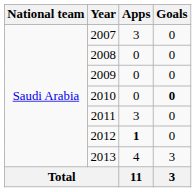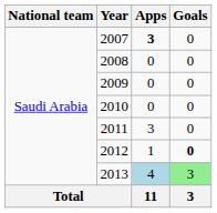 <table class="wikitable" style="text-align:center">
 <tr>
 <th>National team</th>
 <th>Year</th>
 <th>Apps</th>
 <th>Goals</th>
 </tr>
 <tr>
 <td rowspan="7"><a href='#'>Saudi Arabia</a></td>
 <td>2007</td>
-<td>3</td>
+<td><strong>3</strong></td>
 <td>0</td>
 </tr>
 <tr>
 <td>2008</td>
 <td>0</td>
 <td>0</td>
 </tr>
 <tr>
 <td>2009</td>
 <td>0</td>
 <td>0</td>
 </tr>
 <tr>
 <td>2010</td>
 <td>0</td>
-<td><strong>0</strong></td>
+<td>0</td>
 </tr>
 <tr>
 <td>2011</td>
 <td>3</td>
 <td>0</td>
 </tr>
 <tr>
 <td>2012</td>
-<td><strong>1</strong></td>
-<td>0</td>
+<td>1</td>
+<td><strong>0</strong></td>
 </tr>
 <tr>
 <td>2013</td>
-<td>4</td>
-<td>3</td>
+<td style="background: lightblue;">4</td>
+<td style="background: lightgreen;">3</td>
 </tr>
 <tr>
 <th colspan="2">Total</th>
 <th>11</th>
 <th>3</th>
 </tr>
 </table>
